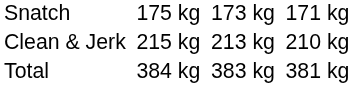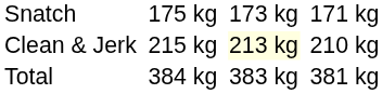 <table>
 <tr>
 <td>Snatch</td>
 <td></td>
 <td>175 kg</td>
 <td></td>
 <td>173 kg</td>
 <td></td>
 <td>171 kg</td>
 </tr>
 <tr>
 <td>Clean & Jerk</td>
 <td></td>
 <td>215 kg</td>
 <td></td>
-<td>213 kg</td>
+<td style="background: lightyellow;">213 kg</td>
 <td></td>
 <td>210 kg</td>
 </tr>
 <tr>
 <td>Total</td>
 <td></td>
 <td>384 kg</td>
 <td></td>
 <td>383 kg</td>
 <td></td>
 <td>381 kg</td>
 </tr>
 </table>
